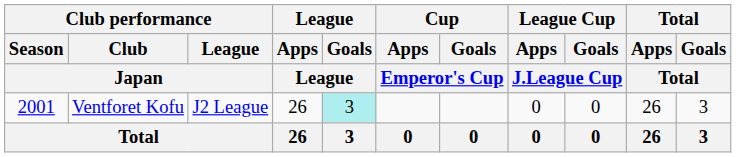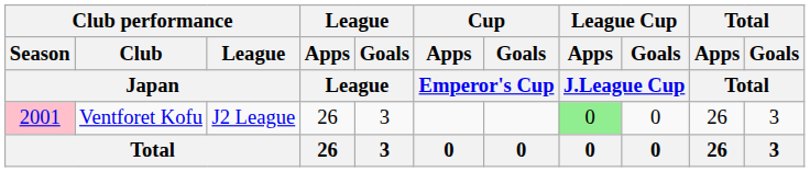 <table class="wikitable" style="text-align:center;">
 <tr>
 <th colspan=3>Club performance</th>
 <th colspan=2>League</th>
 <th colspan=2>Cup</th>
 <th colspan=2>League Cup</th>
 <th colspan=2>Total</th>
 </tr>
 <tr>
 <th>Season</th>
 <th>Club</th>
 <th>League</th>
 <th>Apps</th>
 <th>Goals</th>
 <th>Apps</th>
 <th>Goals</th>
 <th>Apps</th>
 <th>Goals</th>
 <th>Apps</th>
 <th>Goals</th>
 </tr>
 <tr>
 <th colspan=3>Japan</th>
 <th colspan=2>League</th>
 <th colspan=2><a href='#'>Emperor's Cup</a></th>
 <th colspan=2><a href='#'>J.League Cup</a></th>
 <th colspan=2>Total</th>
 </tr>
 <tr>
-<td><a href='#'>2001</a></td>
+<td style="background: pink;"><a href='#'>2001</a></td>
 <td><a href='#'>Ventforet Kofu</a></td>
 <td><a href='#'>J2 League</a></td>
 <td>26</td>
-<td style="background: paleturquoise;">3</td>
+<td>3</td>
 <td></td>
 <td></td>
-<td>0</td>
+<td style="background: lightgreen;">0</td>
 <td>0</td>
 <td>26</td>
 <td>3</td>
 </tr>
 <tr>
 <th colspan=3>Total</th>
 <th>26</th>
 <th>3</th>
 <th>0</th>
 <th>0</th>
 <th>0</th>
 <th>0</th>
 <th>26</th>
 <th>3</th>
 </tr>
 </table>
